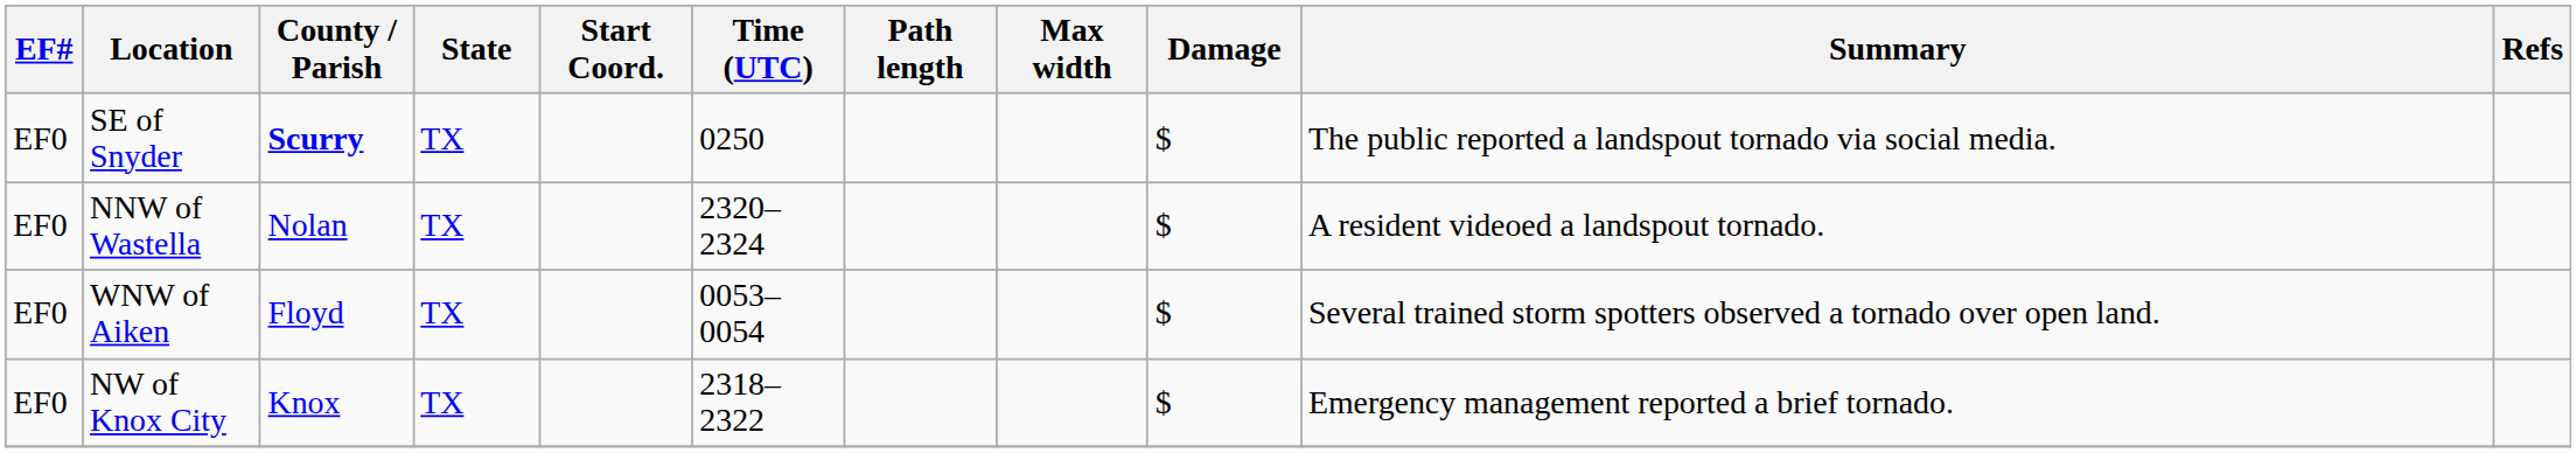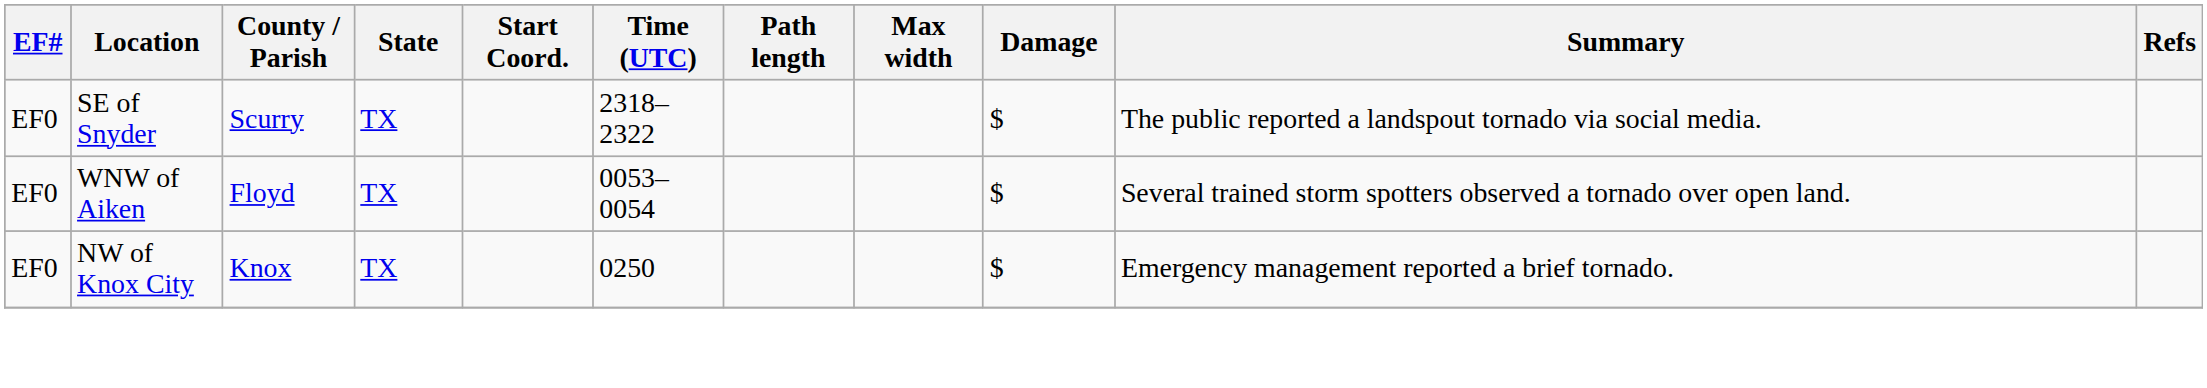 <table class="wikitable sortable" style="width:100%;">
 <tr>
 <th scope="col" width="3%" align="center"><a href='#'>EF#</a></th>
 <th scope="col" width="7%" align="center" class="unsortable">Location</th>
 <th scope="col" width="6%" align="center" class="unsortable">County / Parish</th>
 <th scope="col" width="5%" align="center">State</th>
 <th scope="col" width="6%" align="center">Start Coord.</th>
 <th scope="col" width="6%" align="center">Time (<a href='#'>UTC</a>)</th>
 <th scope="col" width="6%" align="center">Path length</th>
 <th scope="col" width="6%" align="center">Max width</th>
 <th scope="col" width="6%" align="center">Damage</th>
 <th scope="col" width="48%" class="unsortable" align="center">Summary</th>
 <th scope="col" width="48%" class="unsortable" align="center">Refs</th>
 </tr>
 <tr>
 <td>EF0</td>
 <td>SE of <a href='#'>Snyder</a></td>
-<td><strong><a href='#'>Scurry</a></strong></td>
+<td><a href='#'>Scurry</a></td>
 <td><a href='#'>TX</a></td>
 <td></td>
-<td>0250</td>
+<td>2318–2322</td>
 <td></td>
 <td></td>
 <td>$</td>
 <td>The public reported a landspout tornado via social media.</td>
-<td></td>
-</tr>
-<tr>
-<td>EF0</td>
-<td>NNW of <a href='#'>Wastella</a></td>
-<td><a href='#'>Nolan</a></td>
-<td><a href='#'>TX</a></td>
-<td></td>
-<td>2320–2324</td>
-<td></td>
-<td></td>
-<td>$</td>
-<td>A resident videoed a landspout tornado.</td>
 <td></td>
 </tr>
 <tr>
 <td>EF0</td>
 <td>WNW of <a href='#'>Aiken</a></td>
 <td><a href='#'>Floyd</a></td>
 <td><a href='#'>TX</a></td>
 <td></td>
 <td>0053–0054</td>
 <td></td>
 <td></td>
 <td>$</td>
 <td>Several trained storm spotters observed a tornado over open land.</td>
 <td></td>
 </tr>
 <tr>
 <td>EF0</td>
 <td>NW of <a href='#'>Knox City</a></td>
 <td><a href='#'>Knox</a></td>
 <td><a href='#'>TX</a></td>
 <td></td>
-<td>2318–2322</td>
+<td>0250</td>
 <td></td>
 <td></td>
 <td>$</td>
 <td>Emergency management reported a brief tornado.</td>
 <td></td>
 </tr>
 <tr>
 </tr>
 </table>
